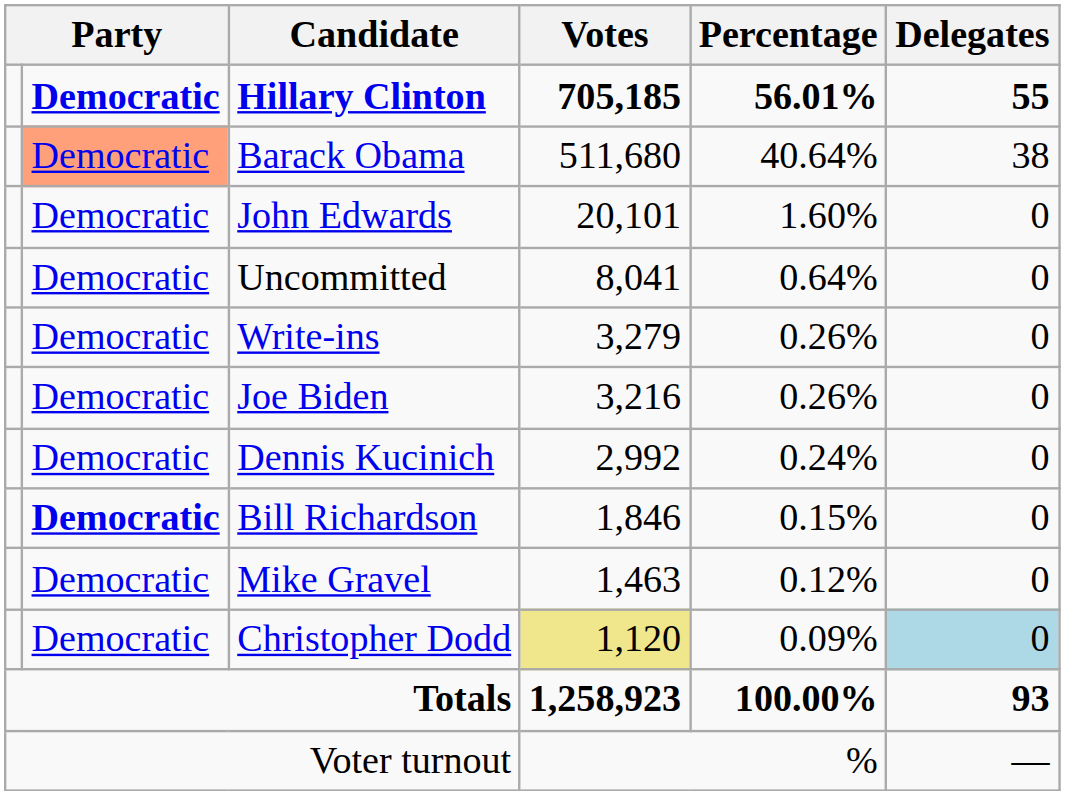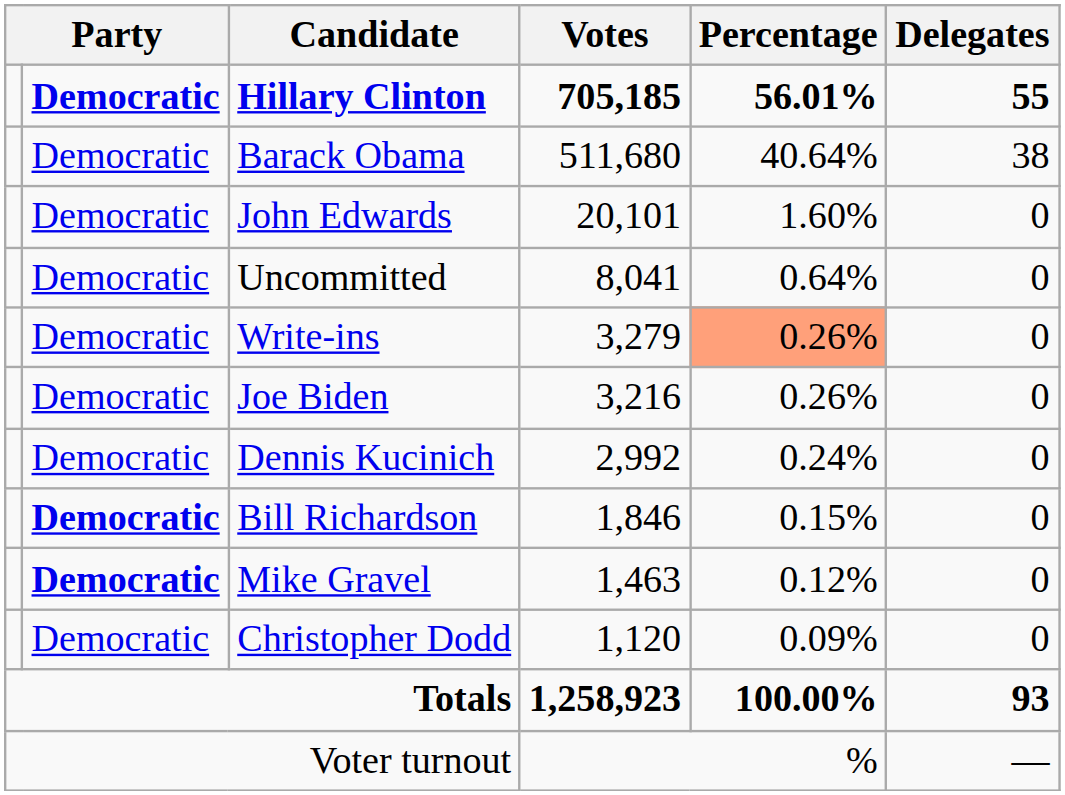 <table class=wikitable>
 <tr>
 <th colspan=2>Party</th>
 <th>Candidate</th>
 <th>Votes</th>
 <th>Percentage</th>
 <th>Delegates</th>
 </tr>
 <tr>
 <td></td>
 <td><strong><a href='#'>Democratic</a></strong></td>
 <td><strong><a href='#'>Hillary Clinton</a></strong></td>
 <td align="right"><strong>705,185</strong></td>
 <td align="right"><strong>56.01%</strong></td>
 <td align="right"><strong>55</strong></td>
 </tr>
 <tr>
 <td></td>
-<td style="background: lightsalmon;"><a href='#'>Democratic</a></td>
+<td><a href='#'>Democratic</a></td>
 <td><a href='#'>Barack Obama</a></td>
 <td align="right">511,680</td>
 <td align="right">40.64%</td>
 <td align="right">38</td>
 </tr>
 <tr>
 <td></td>
 <td><a href='#'>Democratic</a></td>
 <td><a href='#'>John Edwards</a></td>
 <td align="right">20,101</td>
 <td align="right">1.60%</td>
 <td align="right">0</td>
 </tr>
 <tr>
 <td></td>
 <td><a href='#'>Democratic</a></td>
 <td>Uncommitted</td>
 <td align="right">8,041</td>
 <td align="right">0.64%</td>
 <td align="right">0</td>
 </tr>
 <tr>
 <td></td>
 <td><a href='#'>Democratic</a></td>
 <td><a href='#'>Write-ins</a></td>
 <td align="right">3,279</td>
-<td align="right">0.26%</td>
+<td align="right" style="background: lightsalmon;">0.26%</td>
 <td align="right">0</td>
 </tr>
 <tr>
 <td></td>
 <td><a href='#'>Democratic</a></td>
 <td><a href='#'>Joe Biden</a></td>
 <td align="right">3,216</td>
 <td align="right">0.26%</td>
 <td align="right">0</td>
 </tr>
 <tr>
 <td></td>
 <td><a href='#'>Democratic</a></td>
 <td><a href='#'>Dennis Kucinich</a></td>
 <td align="right">2,992</td>
 <td align="right">0.24%</td>
 <td align="right">0</td>
 </tr>
 <tr>
 <td></td>
 <td><strong><a href='#'>Democratic</a></strong></td>
 <td><a href='#'>Bill Richardson</a></td>
 <td align="right">1,846</td>
 <td align="right">0.15%</td>
 <td align="right">0</td>
 </tr>
 <tr>
 <td></td>
-<td><a href='#'>Democratic</a></td>
+<td><strong><a href='#'>Democratic</a></strong></td>
 <td><a href='#'>Mike Gravel</a></td>
 <td align="right">1,463</td>
 <td align="right">0.12%</td>
 <td align="right">0</td>
 </tr>
 <tr>
 <td></td>
 <td><a href='#'>Democratic</a></td>
 <td><a href='#'>Christopher Dodd</a></td>
-<td align="right" style="background: khaki;">1,120</td>
+<td align="right">1,120</td>
 <td align="right">0.09%</td>
-<td align="right" style="background: lightblue;">0</td>
+<td align="right">0</td>
 </tr>
 <tr>
 <td colspan="3" align="right"><strong>Totals</strong></td>
 <td align="right"><strong>1,258,923</strong></td>
 <td align="right"><strong>100.00%</strong></td>
 <td align="right"><strong>93</strong></td>
 </tr>
 <tr>
 <td colspan="3" align="right">Voter turnout</td>
 <td colspan="2" align="right">%</td>
 <td align="right">—</td>
 </tr>
 </table>
